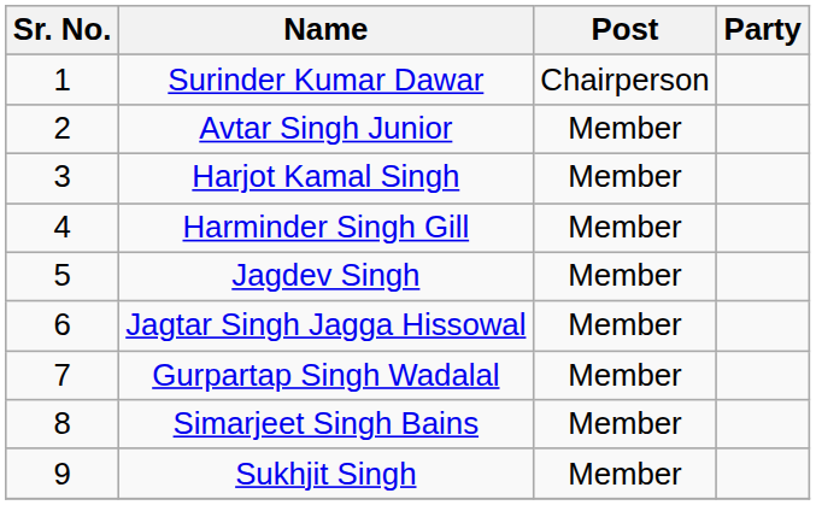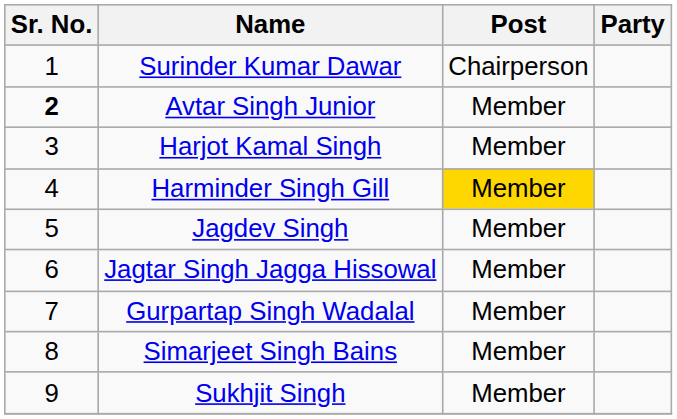 <table class="wikitable sortable">
 <tr>
 <th>Sr. No.</th>
 <th>Name</th>
 <th>Post</th>
 <th colspan="2">Party</th>
 </tr>
 <tr align="center">
 <td>1</td>
 <td><a href='#'>Surinder Kumar Dawar</a></td>
 <td>Chairperson</td>
 <td></td>
 </tr>
 <tr align="center">
-<td>2</td>
+<td><strong>2</strong></td>
 <td><a href='#'>Avtar Singh Junior</a></td>
 <td>Member</td>
 <td></td>
 </tr>
 <tr align="center">
 <td>3</td>
 <td><a href='#'>Harjot Kamal Singh</a></td>
 <td>Member</td>
 <td></td>
 </tr>
 <tr align="center">
 <td>4</td>
 <td><a href='#'>Harminder Singh Gill</a></td>
-<td>Member</td>
+<td style="background: gold;">Member</td>
 <td></td>
 </tr>
 <tr align="center">
 <td>5</td>
 <td><a href='#'>Jagdev Singh</a></td>
 <td>Member</td>
 <td></td>
 </tr>
 <tr align="center">
 <td>6</td>
 <td><a href='#'>Jagtar Singh Jagga Hissowal</a></td>
 <td>Member</td>
 <td></td>
 </tr>
 <tr align="center">
 <td>7</td>
 <td><a href='#'>Gurpartap Singh Wadalal</a></td>
 <td>Member</td>
 <td></td>
 </tr>
 <tr align="center">
 <td>8</td>
 <td><a href='#'>Simarjeet Singh Bains</a></td>
 <td>Member</td>
 <td></td>
 </tr>
 <tr align="center">
 <td>9</td>
 <td><a href='#'>Sukhjit Singh</a></td>
 <td>Member</td>
 <td></td>
 </tr>
 <tr align="center">
 </tr>
 </table>
